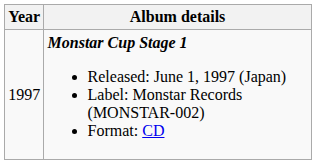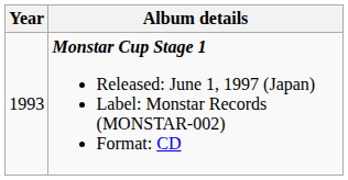 <table class="wikitable" border="1">
 <tr>
 <th>Year</th>
 <th width="260">Album details</th>
 </tr>
 <tr>
-<td>1997</td>
+<td>1993</td>
 <td><strong><em>Monstar Cup Stage 1</em></strong><br><ul><li>Released: June 1, 1997 (Japan)</li><li>Label: Monstar Records (MONSTAR-002)</li><li>Format: <a href='#'>CD</a></li></ul></td>
 </tr>
 </table>
